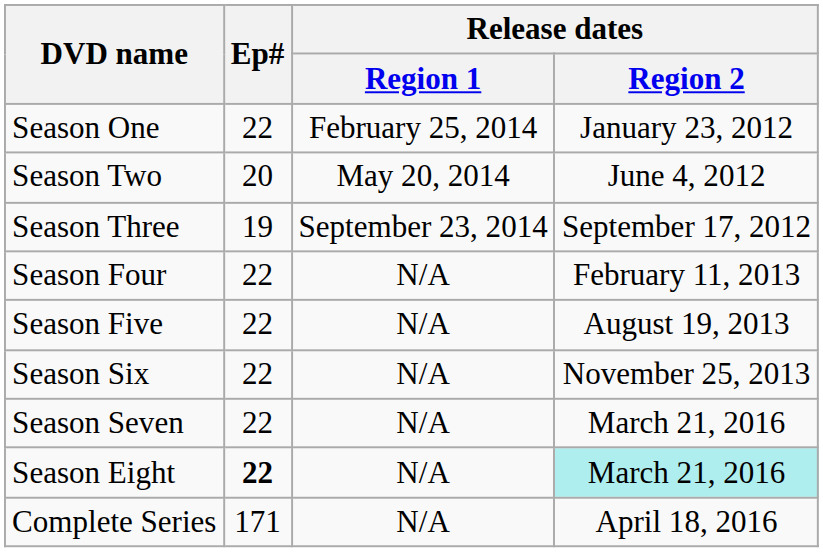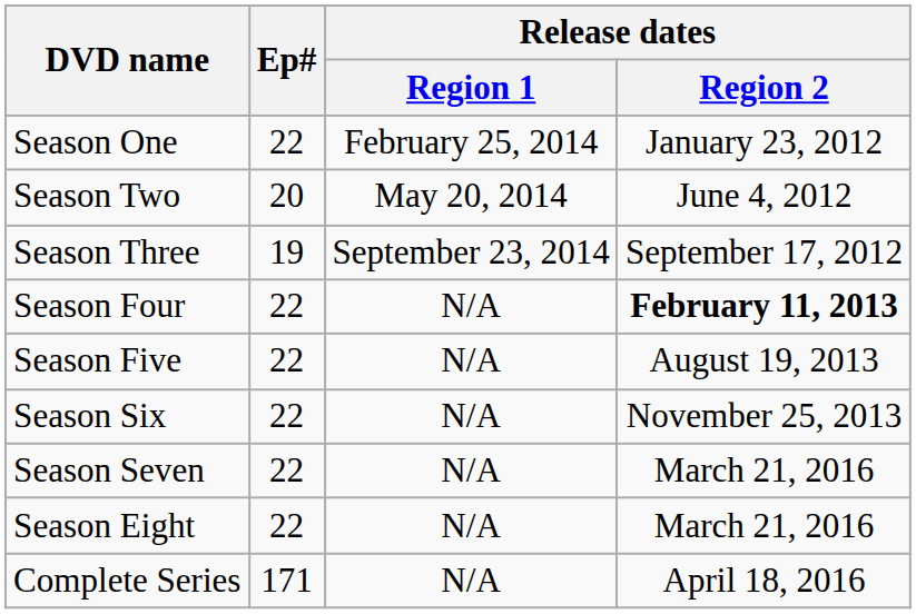 <table class="wikitable">
 <tr>
 <th rowspan="2">DVD name</th>
 <th rowspan="2">Ep#</th>
 <th colspan="3">Release dates</th>
 </tr>
 <tr>
 <th><a href='#'>Region 1</a></th>
 <th><a href='#'>Region 2</a></th>
 </tr>
 <tr>
 <td>Season One</td>
 <td style="text-align:center;">22</td>
 <td style="text-align:center">February 25, 2014</td>
 <td style="text-align:center">January 23, 2012</td>
 </tr>
 <tr>
 <td>Season Two</td>
 <td style="text-align:center;">20</td>
 <td style="text-align:center">May 20, 2014</td>
 <td style="text-align:center">June 4, 2012</td>
 </tr>
 <tr>
 <td>Season Three</td>
 <td style="text-align:center;">19</td>
 <td style="text-align:center">September 23, 2014</td>
 <td style="text-align:center">September 17, 2012</td>
 </tr>
 <tr>
 <td>Season Four</td>
 <td style="text-align:center;">22</td>
 <td style="text-align:center">N/A</td>
-<td style="text-align:center">February 11, 2013</td>
+<td style="text-align:center"><strong>February 11, 2013</strong></td>
 </tr>
 <tr>
 <td>Season Five</td>
 <td style="text-align:center;">22</td>
 <td style="text-align:center">N/A</td>
 <td style="text-align:center">August 19, 2013</td>
 </tr>
 <tr>
 <td>Season Six</td>
 <td style="text-align:center;">22</td>
 <td style="text-align:center">N/A</td>
 <td style="text-align:center">November 25, 2013</td>
 </tr>
 <tr>
 <td>Season Seven</td>
 <td style="text-align:center;">22</td>
 <td style="text-align:center">N/A</td>
 <td style="text-align:center">March 21, 2016</td>
 </tr>
 <tr>
 <td>Season Eight</td>
-<td style="text-align:center;"><strong>22</strong></td>
+<td style="text-align:center;">22</td>
 <td style="text-align:center">N/A</td>
-<td style="background: paleturquoise; text-align:center">March 21, 2016</td>
+<td style="text-align:center">March 21, 2016</td>
 </tr>
 <tr>
 <td>Complete Series</td>
 <td style="text-align:center;">171</td>
 <td style="text-align:center">N/A</td>
 <td style="text-align:center">April 18, 2016</td>
 </tr>
 </table>
